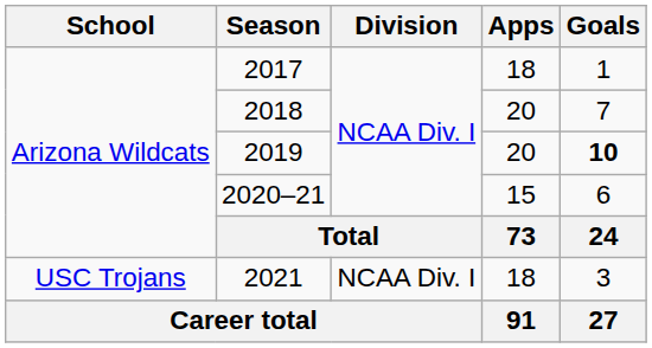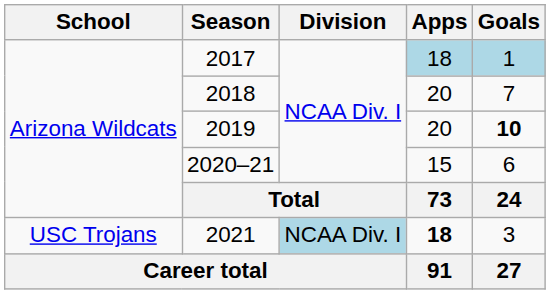 <table class="wikitable" style="text-align: center;">
 <tr>
 <th>School</th>
 <th>Season</th>
 <th>Division</th>
 <th>Apps</th>
 <th>Goals</th>
 </tr>
 <tr>
 <td rowspan="5"><a href='#'>Arizona Wildcats</a></td>
 <td>2017</td>
 <td rowspan="4"><a href='#'>NCAA Div. I</a></td>
-<td>18</td>
-<td>1</td>
+<td style="background: lightblue;">18</td>
+<td style="background: lightblue;">1</td>
 </tr>
 <tr>
 <td>2018</td>
 <td>20</td>
 <td>7</td>
 </tr>
 <tr>
 <td>2019</td>
 <td>20</td>
 <td><strong>10</strong></td>
 </tr>
 <tr>
 <td>2020–21</td>
 <td>15</td>
 <td>6</td>
 </tr>
 <tr>
 <th colspan="2">Total</th>
 <th>73</th>
 <th>24</th>
 </tr>
 <tr>
 <td><a href='#'>USC Trojans</a></td>
 <td>2021</td>
-<td>NCAA Div. I</td>
-<td>18</td>
+<td style="background: lightblue;">NCAA Div. I</td>
+<td><strong>18</strong></td>
 <td>3</td>
 </tr>
 <tr>
 <th colspan="3">Career total</th>
 <th>91</th>
 <th>27</th>
 </tr>
 </table>
